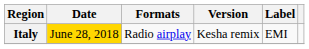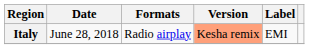 <table class="wikitable plainrowheaders">
 <tr>
 <th scope="col">Region</th>
 <th scope="col">Date</th>
 <th scope="col">Formats</th>
 <th scope="col">Version</th>
 <th scope="col">Label</th>
 <th scope="col"></th>
 </tr>
 <tr>
 <th scope="row">Italy</th>
-<td style="background: gold;">June 28, 2018</td>
+<td>June 28, 2018</td>
 <td>Radio <a href='#'>airplay</a></td>
-<td>Kesha remix</td>
+<td style="background: lightsalmon;">Kesha remix</td>
 <td>EMI</td>
 <td align="center"></td>
 </tr>
 <tr>
 </tr>
 </table>
